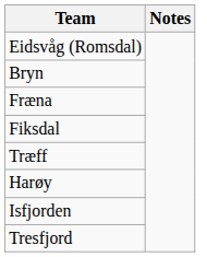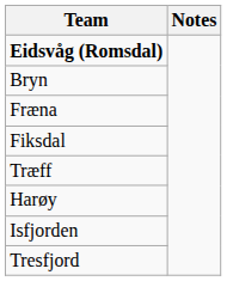 <table class="wikitable">
 <tr>
 <th>Team</th>
 <th>Notes</th>
 </tr>
 <tr>
-<td>Eidsvåg (Romsdal)</td>
+<td><strong>Eidsvåg (Romsdal)</strong></td>
 </tr>
 <tr>
 <td>Bryn</td>
 </tr>
 <tr>
 <td>Fræna</td>
 </tr>
 <tr>
 <td>Fiksdal</td>
 </tr>
 <tr>
 <td>Træff</td>
 </tr>
 <tr>
 <td>Harøy</td>
 </tr>
 <tr>
 <td>Isfjorden</td>
 </tr>
 <tr>
 <td>Tresfjord</td>
 </tr>
 </table>
